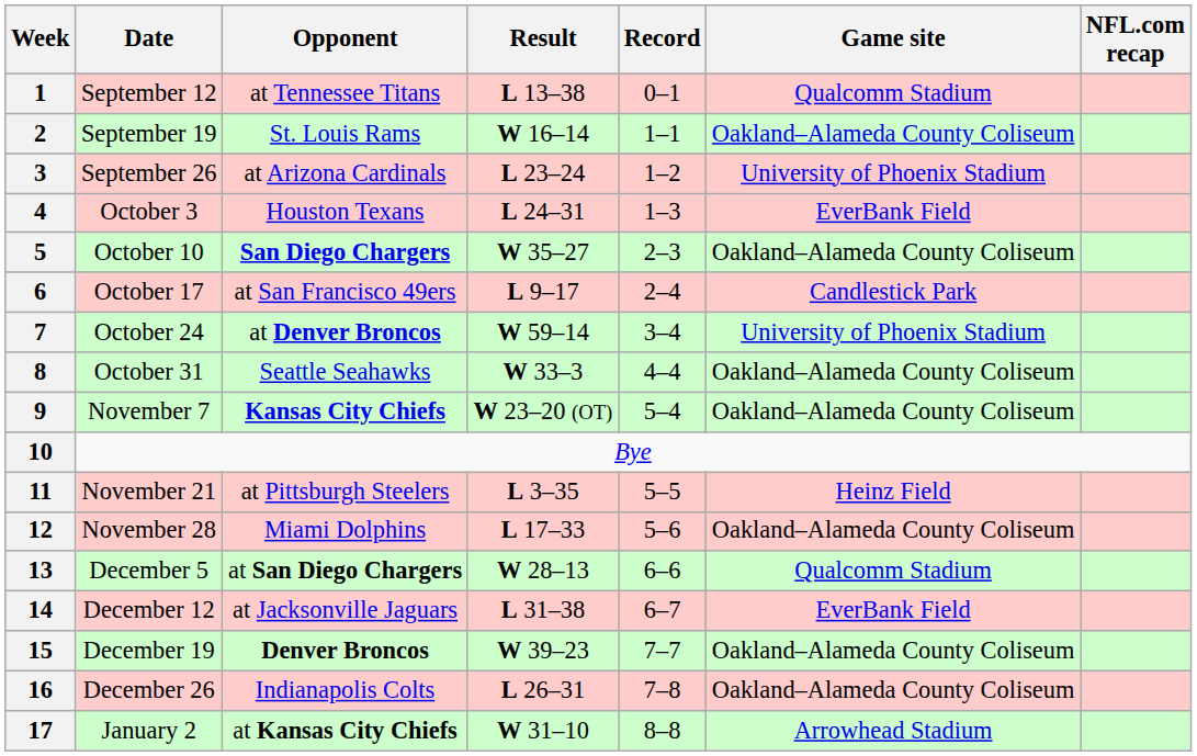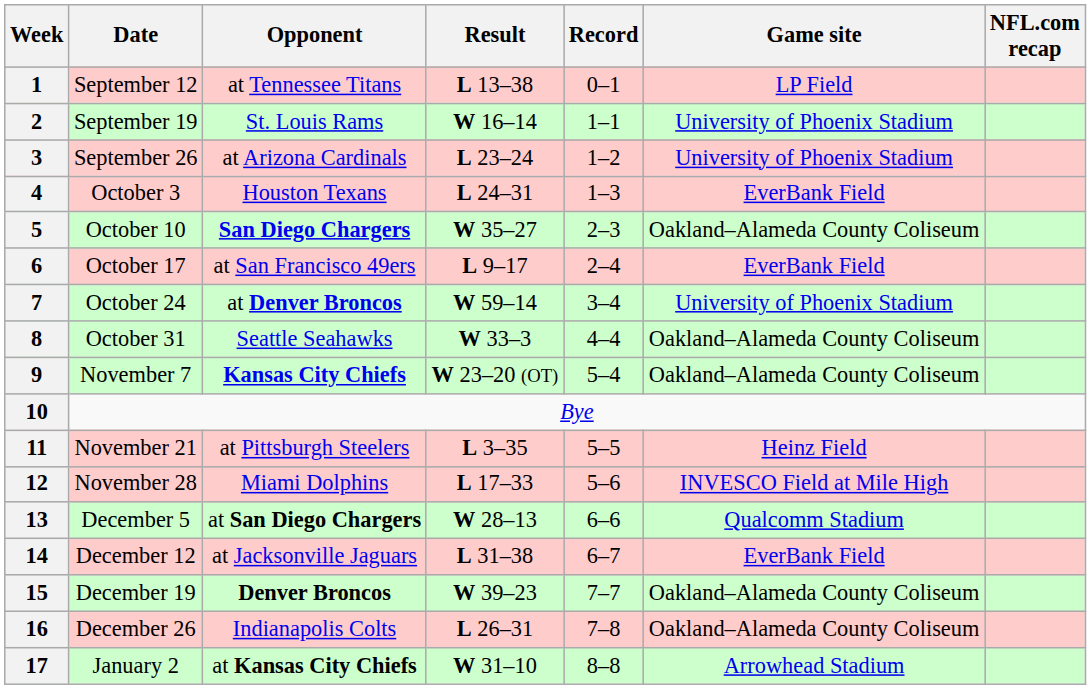 <table class="wikitable" align="center" style="font-size: 92%">
 <tr>
 <th +>Week</th>
 <th +>Date</th>
 <th +>Opponent</th>
 <th +>Result</th>
 <th +>Record</th>
 <th +>Game site</th>
 <th +>NFL.com<br>recap</th>
 </tr>
 <tr style="background:#fcc;">
 <th>1</th>
 <td style="text-align:center;">September 12</td>
 <td style="text-align:center;">at <a href='#'>Tennessee Titans</a></td>
 <td style="text-align:center;"><strong>L</strong> 13–38</td>
 <td style="text-align:center;">0–1</td>
-<td style="text-align:center;"><a href='#'>Qualcomm Stadium</a></td>
+<td style="text-align:center;"><a href='#'>LP Field</a></td>
 <td style="text-align:center;"></td>
 </tr>
 <tr style="background:#cfc;">
 <th>2</th>
 <td style="text-align:center;">September 19</td>
 <td style="text-align:center;"><a href='#'>St. Louis Rams</a></td>
 <td style="text-align:center;"><strong>W</strong> 16–14</td>
 <td style="text-align:center;">1–1</td>
-<td style="text-align:center;"><a href='#'>Oakland–Alameda County Coliseum</a></td>
+<td style="text-align:center;"><a href='#'>University of Phoenix Stadium</a></td>
 <td style="text-align:center;"></td>
 </tr>
 <tr style="background:#fcc;">
 <th>3</th>
 <td style="text-align:center;">September 26</td>
 <td style="text-align:center;">at <a href='#'>Arizona Cardinals</a></td>
 <td style="text-align:center;"><strong>L</strong> 23–24</td>
 <td style="text-align:center;">1–2</td>
 <td style="text-align:center;"><a href='#'>University of Phoenix Stadium</a></td>
 <td style="text-align:center;"></td>
 </tr>
 <tr style="background:#fcc;">
 <th>4</th>
 <td style="text-align:center;">October 3</td>
 <td style="text-align:center;"><a href='#'>Houston Texans</a></td>
 <td style="text-align:center;"><strong>L</strong> 24–31</td>
 <td style="text-align:center;">1–3</td>
 <td style="text-align:center;"><a href='#'>EverBank Field</a></td>
 <td style="text-align:center;"></td>
 </tr>
 <tr style="background:#cfc;">
 <th>5</th>
 <td style="text-align:center;">October 10</td>
 <td style="text-align:center;"><strong><a href='#'>San Diego Chargers</a></strong></td>
 <td style="text-align:center;"><strong>W</strong> 35–27</td>
 <td style="text-align:center;">2–3</td>
 <td style="text-align:center;">Oakland–Alameda County Coliseum</td>
 <td style="text-align:center;"></td>
 </tr>
 <tr style="background:#fcc;">
 <th>6</th>
 <td style="text-align:center;">October 17</td>
 <td style="text-align:center;">at <a href='#'>San Francisco 49ers</a></td>
 <td style="text-align:center;"><strong>L</strong> 9–17</td>
 <td style="text-align:center;">2–4</td>
-<td style="text-align:center;"><a href='#'>Candlestick Park</a></td>
+<td style="text-align:center;"><a href='#'>EverBank Field</a></td>
 <td style="text-align:center;"></td>
 </tr>
 <tr style="background:#cfc;">
 <th>7</th>
 <td style="text-align:center;">October 24</td>
 <td style="text-align:center;">at <strong><a href='#'>Denver Broncos</a></strong></td>
 <td style="text-align:center;"><strong>W</strong> 59–14</td>
 <td style="text-align:center;">3–4</td>
 <td style="text-align:center;"><a href='#'>University of Phoenix Stadium</a></td>
 <td style="text-align:center;"></td>
 </tr>
 <tr style="background:#cfc;">
 <th>8</th>
 <td style="text-align:center;">October 31</td>
 <td style="text-align:center;"><a href='#'>Seattle Seahawks</a></td>
 <td style="text-align:center;"><strong>W</strong> 33–3</td>
 <td style="text-align:center;">4–4</td>
 <td style="text-align:center;">Oakland–Alameda County Coliseum</td>
 <td style="text-align:center;"></td>
 </tr>
 <tr style="background:#cfc;">
 <th>9</th>
 <td style="text-align:center;">November 7</td>
 <td style="text-align:center;"><strong><a href='#'>Kansas City Chiefs</a></strong></td>
 <td style="text-align:center;"><strong>W</strong> 23–20 <small>(OT)</small></td>
 <td style="text-align:center;">5–4</td>
 <td style="text-align:center;">Oakland–Alameda County Coliseum</td>
 <td style="text-align:center;"></td>
 </tr>
 <tr>
 <th>10</th>
 <td colspan="8" style="text-align:center;"><em><a href='#'>Bye</a></em></td>
 </tr>
 <tr style="background:#fcc;">
 <th>11</th>
 <td style="text-align:center;">November 21</td>
 <td style="text-align:center;">at <a href='#'>Pittsburgh Steelers</a></td>
 <td style="text-align:center;"><strong>L</strong> 3–35</td>
 <td style="text-align:center;">5–5</td>
 <td style="text-align:center;"><a href='#'>Heinz Field</a></td>
 <td style="text-align:center;"></td>
 </tr>
 <tr style="background:#fcc;">
 <th>12</th>
 <td style="text-align:center;">November 28</td>
 <td style="text-align:center;"><a href='#'>Miami Dolphins</a></td>
 <td style="text-align:center;"><strong>L</strong> 17–33</td>
 <td style="text-align:center;">5–6</td>
-<td style="text-align:center;">Oakland–Alameda County Coliseum</td>
+<td style="text-align:center;"><a href='#'>INVESCO Field at Mile High</a></td>
 <td style="text-align:center;"></td>
 </tr>
 <tr style="background:#cfc;">
 <th>13</th>
 <td style="text-align:center;">December 5</td>
 <td style="text-align:center;">at <strong>San Diego Chargers</strong></td>
 <td style="text-align:center;"><strong>W</strong> 28–13</td>
 <td style="text-align:center;">6–6</td>
 <td style="text-align:center;"><a href='#'>Qualcomm Stadium</a></td>
 <td style="text-align:center;"></td>
 </tr>
 <tr style="background:#fcc;">
 <th>14</th>
 <td style="text-align:center;">December 12</td>
 <td style="text-align:center;">at <a href='#'>Jacksonville Jaguars</a></td>
 <td style="text-align:center;"><strong>L</strong> 31–38</td>
 <td style="text-align:center;">6–7</td>
 <td style="text-align:center;"><a href='#'>EverBank Field</a></td>
 <td style="text-align:center;"></td>
 </tr>
 <tr style="background:#cfc;">
 <th>15</th>
 <td style="text-align:center;">December 19</td>
 <td style="text-align:center;"><strong>Denver Broncos</strong></td>
 <td style="text-align:center;"><strong>W</strong> 39–23</td>
 <td style="text-align:center;">7–7</td>
 <td style="text-align:center;">Oakland–Alameda County Coliseum</td>
 <td style="text-align:center;"></td>
 </tr>
 <tr style="background:#fcc;">
 <th>16</th>
 <td style="text-align:center;">December 26</td>
 <td style="text-align:center;"><a href='#'>Indianapolis Colts</a></td>
 <td style="text-align:center;"><strong>L</strong> 26–31</td>
 <td style="text-align:center;">7–8</td>
 <td style="text-align:center;">Oakland–Alameda County Coliseum</td>
 <td style="text-align:center;"></td>
 </tr>
 <tr style="background:#cfc;">
 <th>17</th>
 <td style="text-align:center;">January 2</td>
 <td style="text-align:center;">at <strong>Kansas City Chiefs</strong></td>
 <td style="text-align:center;"><strong>W</strong> 31–10</td>
 <td style="text-align:center;">8–8</td>
 <td style="text-align:center;"><a href='#'>Arrowhead Stadium</a></td>
 <td style="text-align:center;"></td>
 </tr>
 </table>
